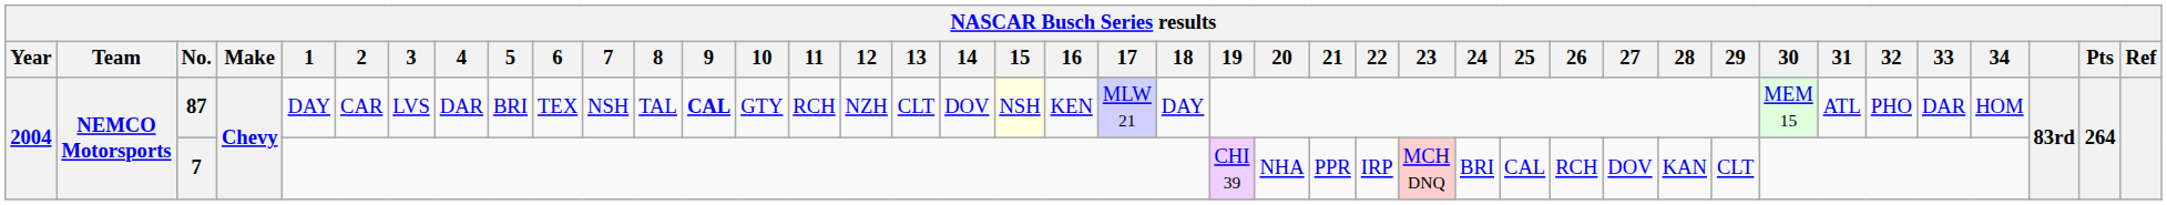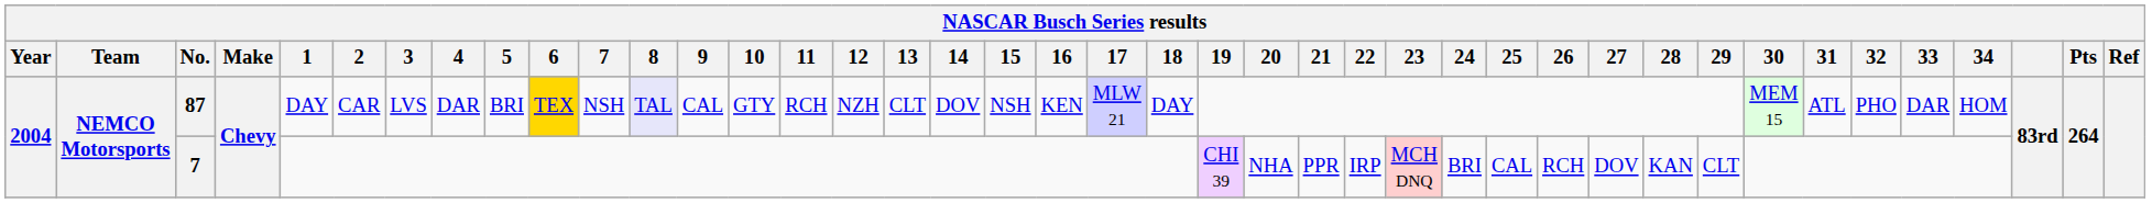 <table class="wikitable" style="text-align:center; font-size:75%">
 <tr>
 <th colspan=42><a href='#'>NASCAR Busch Series</a> results</th>
 </tr>
 <tr>
 <th>Year</th>
 <th>Team</th>
 <th>No.</th>
 <th>Make</th>
 <th>1</th>
 <th>2</th>
 <th>3</th>
 <th>4</th>
 <th>5</th>
 <th>6</th>
 <th>7</th>
 <th>8</th>
 <th>9</th>
 <th>10</th>
 <th>11</th>
 <th>12</th>
 <th>13</th>
 <th>14</th>
 <th>15</th>
 <th>16</th>
 <th>17</th>
 <th>18</th>
 <th>19</th>
 <th>20</th>
 <th>21</th>
 <th>22</th>
 <th>23</th>
 <th>24</th>
 <th>25</th>
 <th>26</th>
 <th>27</th>
 <th>28</th>
 <th>29</th>
 <th>30</th>
 <th>31</th>
 <th>32</th>
 <th>33</th>
 <th>34</th>
 <th></th>
 <th>Pts</th>
 <th>Ref</th>
 </tr>
 <tr>
 <th rowspan=2><a href='#'>2004</a></th>
 <th rowspan=2><a href='#'>NEMCO Motorsports</a></th>
 <th>87</th>
 <th rowspan=2><a href='#'>Chevy</a></th>
 <td><a href='#'>DAY</a></td>
 <td><a href='#'>CAR</a></td>
 <td><a href='#'>LVS</a></td>
 <td><a href='#'>DAR</a></td>
 <td><a href='#'>BRI</a></td>
-<td><a href='#'>TEX</a></td>
+<td style="background: gold;"><a href='#'>TEX</a></td>
 <td><a href='#'>NSH</a></td>
-<td><a href='#'>TAL</a></td>
-<td><strong><a href='#'>CAL</a></strong></td>
+<td style="background: lavender;"><a href='#'>TAL</a></td>
+<td><a href='#'>CAL</a></td>
 <td><a href='#'>GTY</a></td>
 <td><a href='#'>RCH</a></td>
 <td><a href='#'>NZH</a></td>
 <td><a href='#'>CLT</a></td>
 <td><a href='#'>DOV</a></td>
-<td style="background: lightyellow;"><a href='#'>NSH</a></td>
+<td><a href='#'>NSH</a></td>
 <td><a href='#'>KEN</a></td>
 <td style="background:#CFCFFF;"><a href='#'>MLW</a><br><small>21</small></td>
 <td><a href='#'>DAY</a></td>
 <td colspan=11></td>
 <td style="background:#DFFFDF;"><a href='#'>MEM</a><br><small>15</small></td>
 <td><a href='#'>ATL</a></td>
 <td><a href='#'>PHO</a></td>
 <td><a href='#'>DAR</a></td>
 <td><a href='#'>HOM</a></td>
 <th rowspan=2>83rd</th>
 <th rowspan=2>264</th>
 <th rowspan=2></th>
 </tr>
 <tr>
 <th>7</th>
 <td colspan=18></td>
 <td style="background:#EFCFFF;"><a href='#'>CHI</a><br><small>39</small></td>
 <td><a href='#'>NHA</a></td>
 <td><a href='#'>PPR</a></td>
 <td><a href='#'>IRP</a></td>
 <td style="background:#FFCFCF;"><a href='#'>MCH</a><br><small>DNQ</small></td>
 <td><a href='#'>BRI</a></td>
 <td><a href='#'>CAL</a></td>
 <td><a href='#'>RCH</a></td>
 <td><a href='#'>DOV</a></td>
 <td><a href='#'>KAN</a></td>
 <td><a href='#'>CLT</a></td>
 <td colspan=5></td>
 </tr>
 </table>
